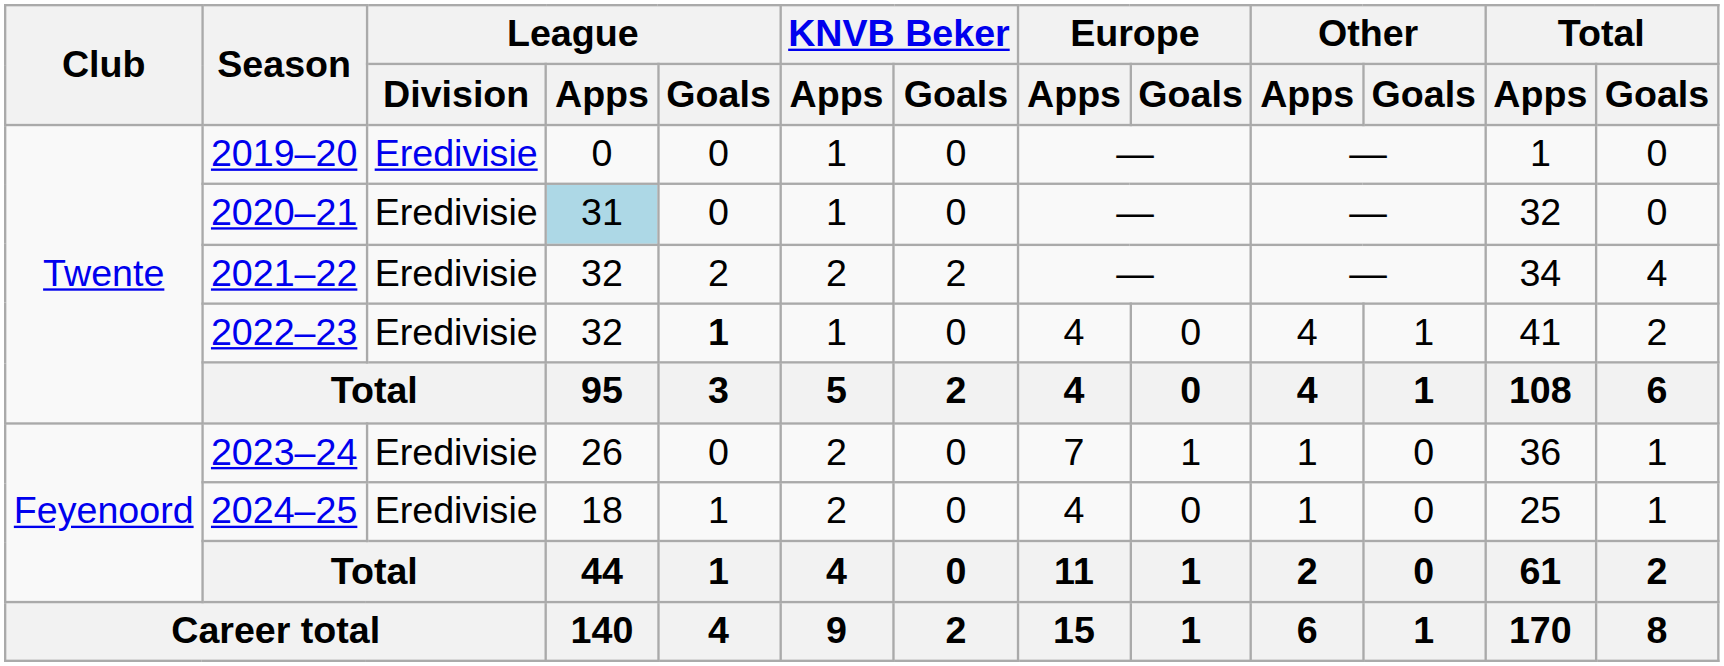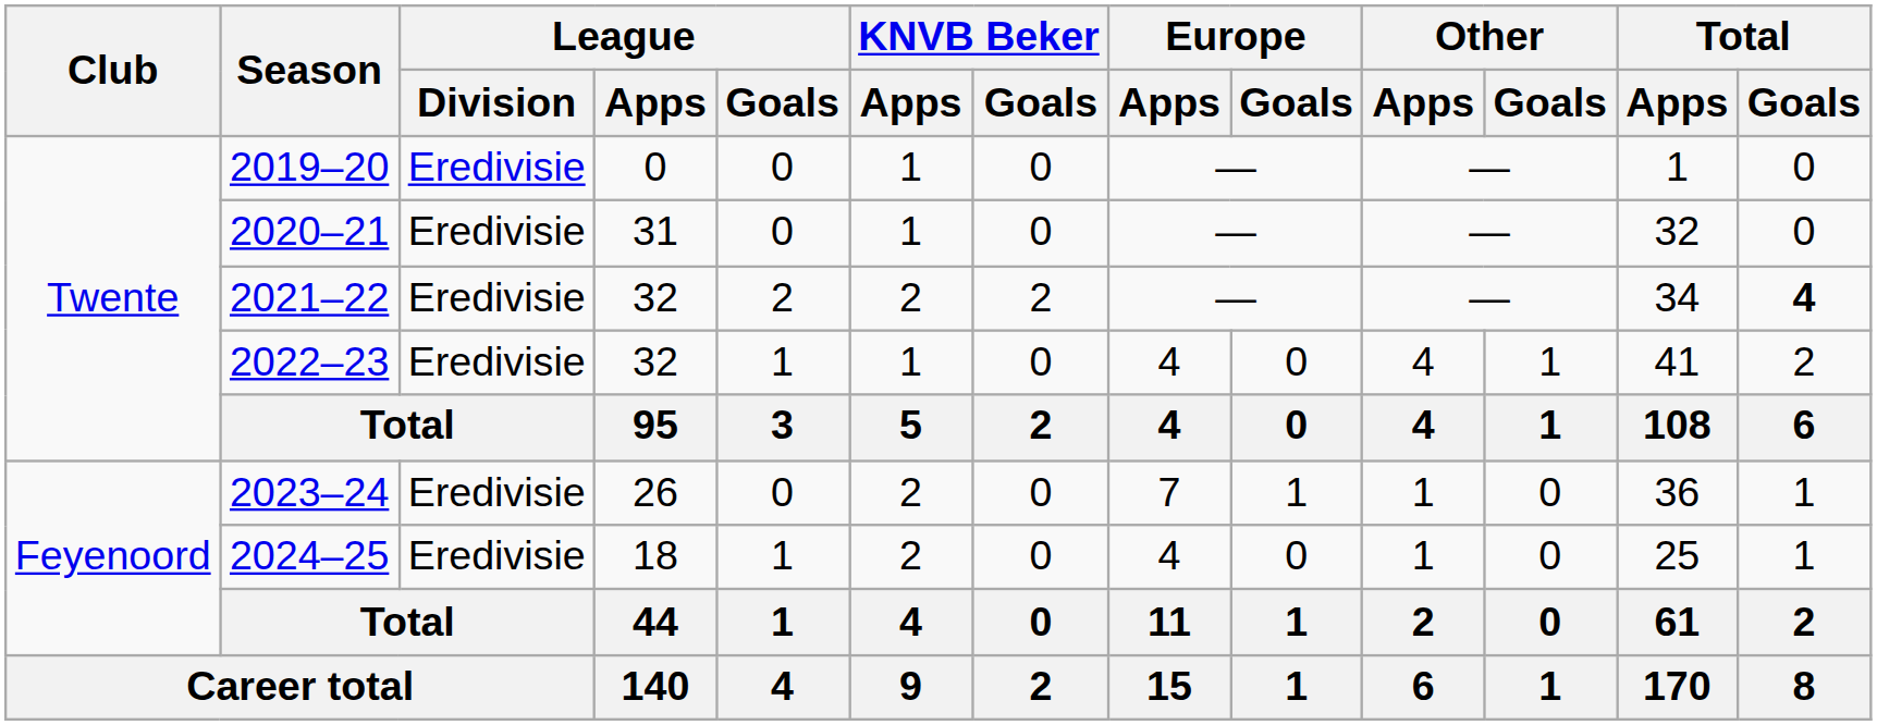 <table class="wikitable" style="text-align:center">
 <tr>
 <th rowspan="2">Club</th>
 <th rowspan="2">Season</th>
 <th colspan="3">League</th>
 <th colspan="2"><a href='#'>KNVB Beker</a></th>
 <th colspan="2">Europe</th>
 <th colspan="2">Other</th>
 <th colspan="2">Total</th>
 </tr>
 <tr>
 <th>Division</th>
 <th>Apps</th>
 <th>Goals</th>
 <th>Apps</th>
 <th>Goals</th>
 <th>Apps</th>
 <th>Goals</th>
 <th>Apps</th>
 <th>Goals</th>
 <th>Apps</th>
 <th>Goals</th>
 </tr>
 <tr>
 <td rowspan="5"><a href='#'>Twente</a></td>
 <td><a href='#'>2019–20</a></td>
 <td><a href='#'>Eredivisie</a></td>
 <td>0</td>
 <td>0</td>
 <td>1</td>
 <td>0</td>
 <td colspan="2">—</td>
 <td colspan="2">—</td>
 <td>1</td>
 <td>0</td>
 </tr>
 <tr>
 <td><a href='#'>2020–21</a></td>
 <td>Eredivisie</td>
-<td style="background: lightblue;">31</td>
+<td>31</td>
 <td>0</td>
 <td>1</td>
 <td>0</td>
 <td colspan="2">—</td>
 <td colspan="2">—</td>
 <td>32</td>
 <td>0</td>
 </tr>
 <tr>
 <td><a href='#'>2021–22</a></td>
 <td>Eredivisie</td>
 <td>32</td>
 <td>2</td>
 <td>2</td>
 <td>2</td>
 <td colspan="2">—</td>
 <td colspan="2">—</td>
 <td>34</td>
-<td>4</td>
+<td><strong>4</strong></td>
 </tr>
 <tr>
 <td><a href='#'>2022–23</a></td>
 <td>Eredivisie</td>
 <td>32</td>
-<td><strong>1</strong></td>
+<td>1</td>
 <td>1</td>
 <td>0</td>
 <td>4</td>
 <td>0</td>
 <td>4</td>
 <td>1</td>
 <td>41</td>
 <td>2</td>
 </tr>
 <tr>
 <th colspan="2">Total</th>
 <th>95</th>
 <th>3</th>
 <th>5</th>
 <th>2</th>
 <th>4</th>
 <th>0</th>
 <th>4</th>
 <th>1</th>
 <th>108</th>
 <th>6</th>
 </tr>
 <tr>
 <td rowspan="3"><a href='#'>Feyenoord</a></td>
 <td><a href='#'>2023–24</a></td>
 <td>Eredivisie</td>
 <td>26</td>
 <td>0</td>
 <td>2</td>
 <td>0</td>
 <td>7</td>
 <td>1</td>
 <td>1</td>
 <td>0</td>
 <td>36</td>
 <td>1</td>
 </tr>
 <tr>
 <td><a href='#'>2024–25</a></td>
 <td>Eredivisie</td>
 <td>18</td>
 <td>1</td>
 <td>2</td>
 <td>0</td>
 <td>4</td>
 <td>0</td>
 <td>1</td>
 <td>0</td>
 <td>25</td>
 <td>1</td>
 </tr>
 <tr>
 <th colspan="2">Total</th>
 <th>44</th>
 <th>1</th>
 <th>4</th>
 <th>0</th>
 <th>11</th>
 <th>1</th>
 <th>2</th>
 <th>0</th>
 <th>61</th>
 <th>2</th>
 </tr>
 <tr>
 <th colspan="3">Career total</th>
 <th>140</th>
 <th>4</th>
 <th>9</th>
 <th>2</th>
 <th>15</th>
 <th>1</th>
 <th>6</th>
 <th>1</th>
 <th>170</th>
 <th>8</th>
 </tr>
 </table>
